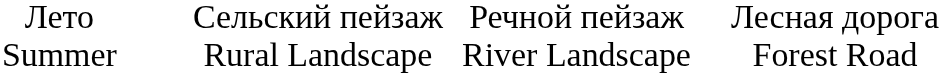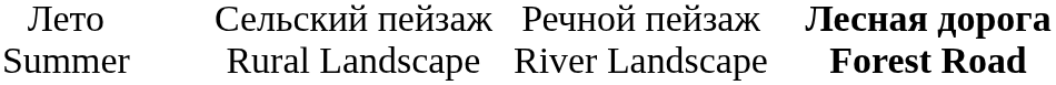 <table class="graytable" style="text-align:center">
 <tr>
 <td width="25%"></td>
 <td width="25%"></td>
 <td width="25%"></td>
 <td width="25%"></td>
 </tr>
 <tr>
 <td>Лето<br>Summer</td>
 <td>Сельский пейзаж<br>Rural Landscape</td>
 <td>Речной пейзаж<br>River Landscape</td>
-<td>Лесная дорога<br>Forest Road</td>
+<td><strong>Лесная дорога<br>Forest Road</strong></td>
 </tr>
 </table>
